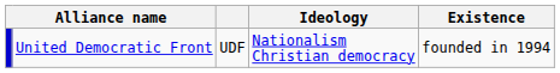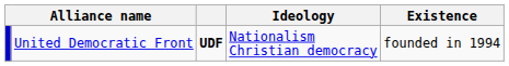 <table class="wikitable">
 <tr>
 <th colspan="2">Alliance name</th>
 <th></th>
 <th>Ideology</th>
 <th>Existence</th>
 </tr>
 <tr>
 <td bgcolor=#0000CD></td>
 <td><a href='#'>United Democratic Front</a></td>
-<td>UDF</td>
+<td><strong>UDF</strong></td>
 <td><a href='#'>Nationalism</a><br><a href='#'>Christian democracy</a></td>
 <td>founded in 1994</td>
 </tr>
 </table>
